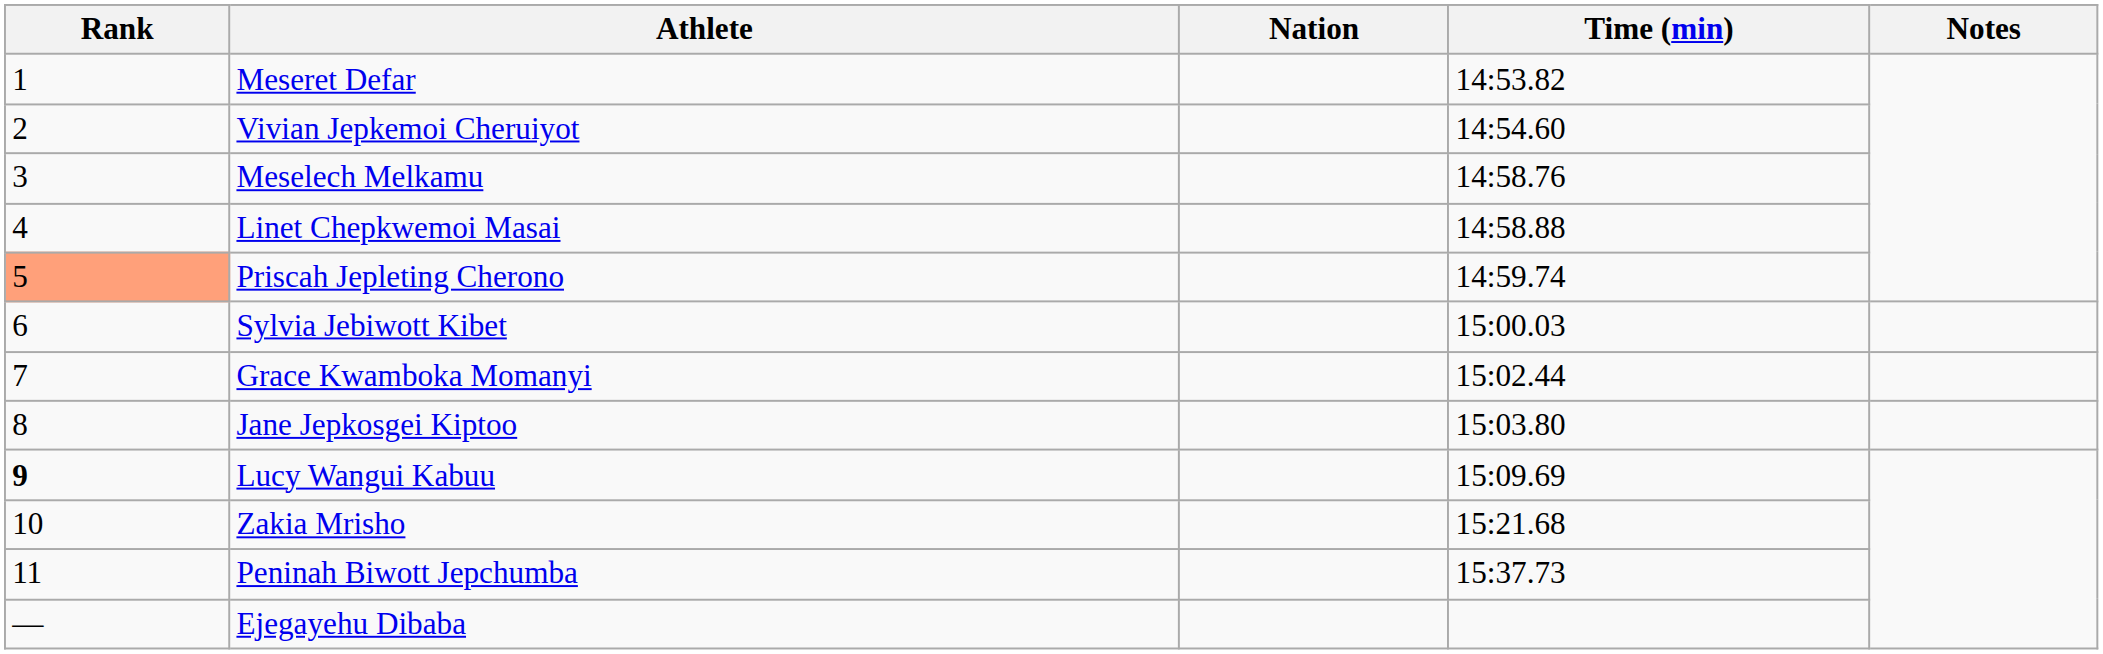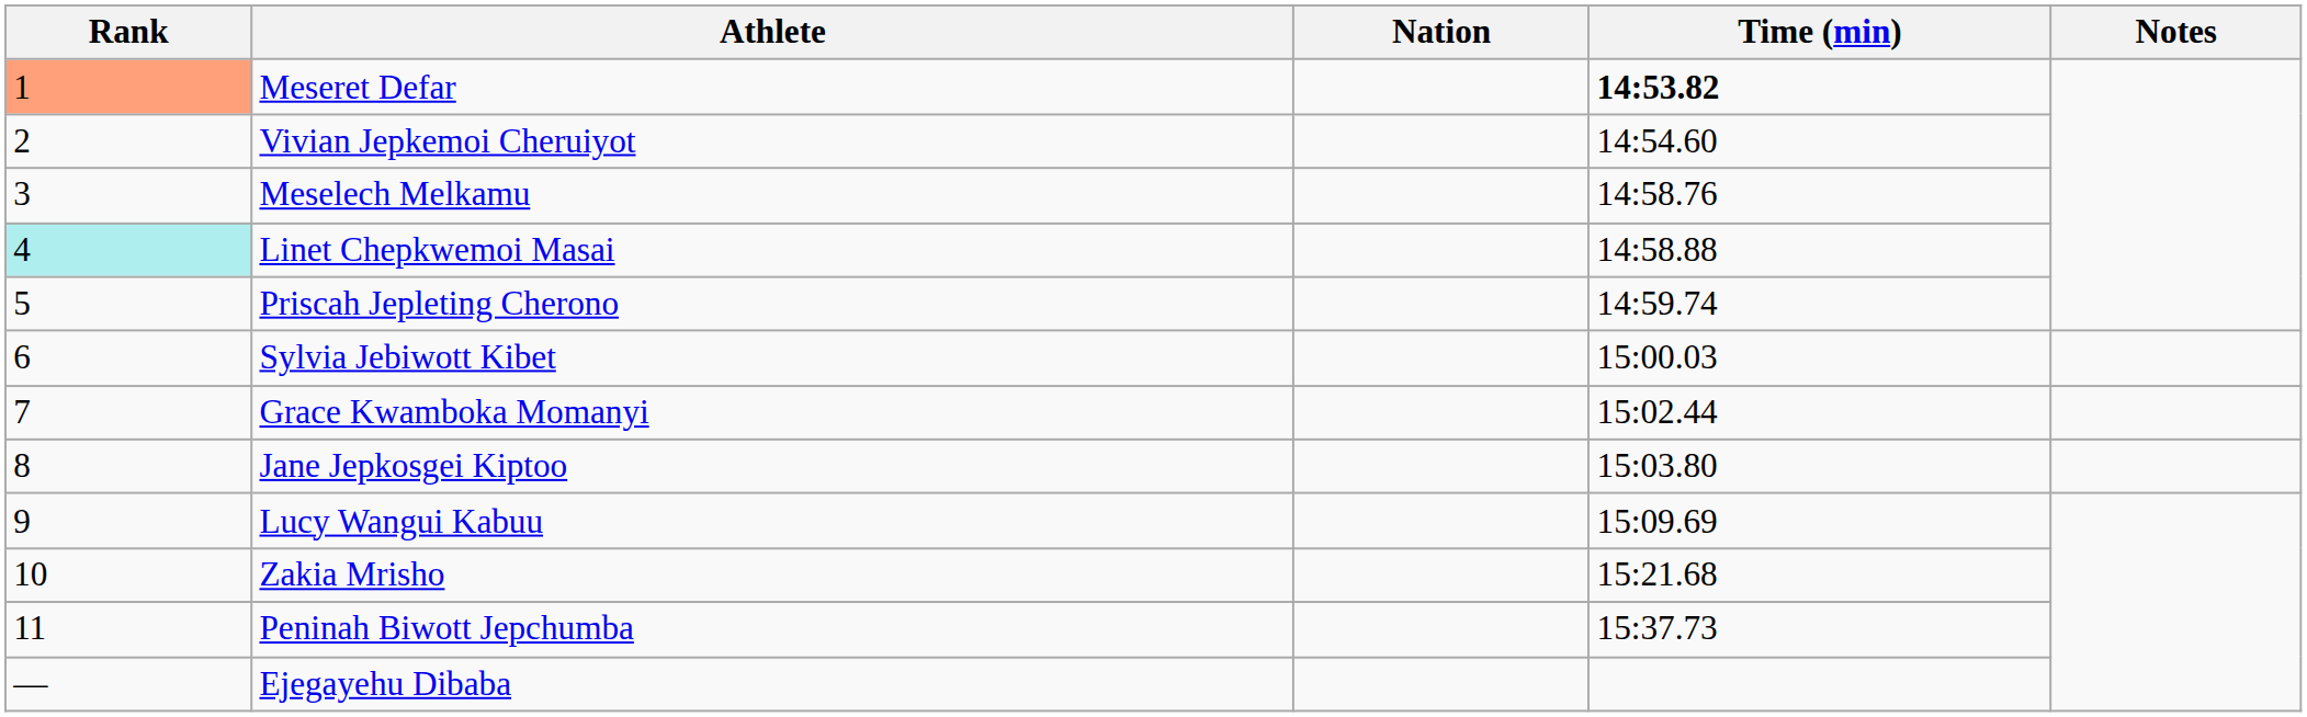 <table class="wikitable" style="text=align:center;" width=85%>
 <tr>
 <th>Rank</th>
 <th>Athlete</th>
 <th>Nation</th>
 <th>Time (<a href='#'>min</a>)</th>
 <th>Notes</th>
 </tr>
 <tr>
-<td>1</td>
+<td style="background: lightsalmon;">1</td>
 <td><a href='#'>Meseret Defar</a></td>
 <td></td>
-<td>14:53.82</td>
+<td><strong>14:53.82</strong></td>
 </tr>
 <tr>
 <td>2</td>
 <td><a href='#'>Vivian Jepkemoi Cheruiyot</a></td>
 <td></td>
 <td>14:54.60</td>
 </tr>
 <tr>
 <td>3</td>
 <td><a href='#'>Meselech Melkamu</a></td>
 <td></td>
 <td>14:58.76</td>
 </tr>
 <tr>
-<td>4</td>
+<td style="background: paleturquoise;">4</td>
 <td><a href='#'>Linet Chepkwemoi Masai</a></td>
 <td></td>
 <td>14:58.88</td>
 </tr>
 <tr>
-<td style="background: lightsalmon;">5</td>
+<td>5</td>
 <td><a href='#'>Priscah Jepleting Cherono</a></td>
 <td></td>
 <td>14:59.74</td>
 </tr>
 <tr>
 <td>6</td>
 <td><a href='#'>Sylvia Jebiwott Kibet</a></td>
 <td></td>
 <td>15:00.03</td>
 <td></td>
 </tr>
 <tr>
 <td>7</td>
 <td><a href='#'>Grace Kwamboka Momanyi</a></td>
 <td></td>
 <td>15:02.44</td>
 </tr>
 <tr>
 <td>8</td>
 <td><a href='#'>Jane Jepkosgei Kiptoo</a></td>
 <td></td>
 <td>15:03.80</td>
 <td></td>
 </tr>
 <tr>
-<td><strong>9</strong></td>
+<td>9</td>
 <td><a href='#'>Lucy Wangui Kabuu</a></td>
 <td></td>
 <td>15:09.69</td>
 </tr>
 <tr>
 <td>10</td>
 <td><a href='#'>Zakia Mrisho</a></td>
 <td></td>
 <td>15:21.68</td>
 </tr>
 <tr>
 <td>11</td>
 <td><a href='#'>Peninah Biwott Jepchumba</a></td>
 <td></td>
 <td>15:37.73</td>
 </tr>
 <tr>
 <td>—</td>
 <td><a href='#'>Ejegayehu Dibaba</a></td>
 <td></td>
 <td></td>
 </tr>
 </table>
